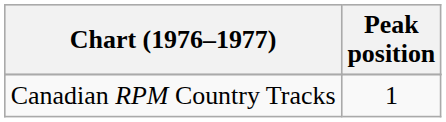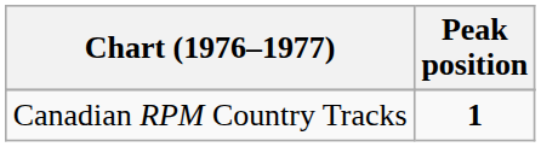 <table class="wikitable">
 <tr>
 <th align="left">Chart (1976–1977)</th>
 <th align="center">Peak<br>position</th>
 </tr>
 <tr>
 </tr>
 <tr>
 <td align="left">Canadian <em>RPM</em> Country Tracks</td>
-<td align="center">1</td>
+<td align="center"><strong>1</strong></td>
 </tr>
 </table>
